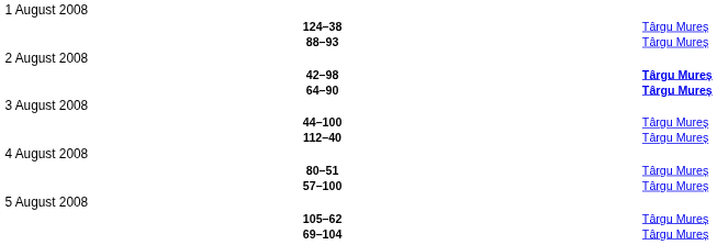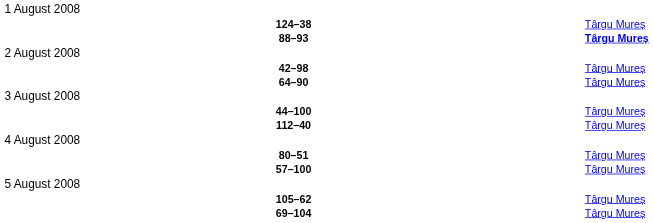 <table style="width:100%;" cellspacing="1">
 <tr>
 <th width=25%></th>
 <th width=3%></th>
 <th width=6%></th>
 <th width=3%></th>
 <th width=25%></th>
 </tr>
 <tr>
 <td>1 August 2008</td>
 </tr>
 <tr style=font-size:90%>
 <td align=right><strong></strong></td>
 <td></td>
 <td align=center><strong>124–38</strong></td>
 <td></td>
 <td><strong></strong></td>
 <td><a href='#'>Târgu Mureș</a></td>
 </tr>
 <tr style=font-size:90%>
 <td align=right><strong></strong></td>
 <td></td>
 <td align=center><strong>88–93</strong></td>
 <td></td>
 <td><strong></strong></td>
-<td><a href='#'>Târgu Mureș</a></td>
+<td><strong><a href='#'>Târgu Mureș</a></strong></td>
 </tr>
 <tr>
 <td>2 August 2008</td>
 </tr>
 <tr style=font-size:90%>
 <td align=right><strong></strong></td>
 <td></td>
 <td align=center><strong>42–98</strong></td>
 <td></td>
 <td><strong></strong></td>
-<td><strong><a href='#'>Târgu Mureș</a></strong></td>
+<td><a href='#'>Târgu Mureș</a></td>
 </tr>
 <tr style=font-size:90%>
 <td align=right><strong></strong></td>
 <td></td>
 <td align=center><strong>64–90</strong></td>
 <td></td>
 <td><strong></strong></td>
-<td><strong><a href='#'>Târgu Mureș</a></strong></td>
+<td><a href='#'>Târgu Mureș</a></td>
 </tr>
 <tr>
 <td>3 August 2008</td>
 </tr>
 <tr style=font-size:90%>
 <td align=right><strong></strong></td>
 <td></td>
 <td align=center><strong>44–100</strong></td>
 <td></td>
 <td><strong></strong></td>
 <td><a href='#'>Târgu Mureș</a></td>
 </tr>
 <tr style=font-size:90%>
 <td align=right><strong></strong></td>
 <td></td>
 <td align=center><strong>112–40</strong></td>
 <td></td>
 <td><strong></strong></td>
 <td><a href='#'>Târgu Mureș</a></td>
 </tr>
 <tr>
 <td>4 August 2008</td>
 </tr>
 <tr style=font-size:90%>
 <td align=right><strong></strong></td>
 <td></td>
 <td align=center><strong>80–51</strong></td>
 <td></td>
 <td><strong></strong></td>
 <td><a href='#'>Târgu Mureș</a></td>
 </tr>
 <tr style=font-size:90%>
 <td align=right><strong></strong></td>
 <td></td>
 <td align=center><strong>57–100</strong></td>
 <td></td>
 <td><strong></strong></td>
 <td><a href='#'>Târgu Mureș</a></td>
 </tr>
 <tr>
 <td>5 August 2008</td>
 </tr>
 <tr style=font-size:90%>
 <td align=right><strong></strong></td>
 <td></td>
 <td align=center><strong>105–62</strong></td>
 <td></td>
 <td><strong></strong></td>
 <td><a href='#'>Târgu Mureș</a></td>
 </tr>
 <tr style=font-size:90%>
 <td align=right><strong></strong></td>
 <td></td>
 <td align=center><strong>69–104</strong></td>
 <td></td>
 <td><strong></strong></td>
 <td><a href='#'>Târgu Mureș</a></td>
 </tr>
 </table>
